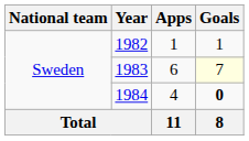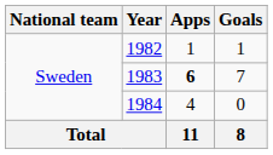 <table class="wikitable" style="text-align:center">
 <tr>
 <th>National team</th>
 <th>Year</th>
 <th>Apps</th>
 <th>Goals</th>
 </tr>
 <tr>
 <td rowspan="3"><a href='#'>Sweden</a></td>
 <td><a href='#'>1982</a></td>
 <td>1</td>
 <td>1</td>
 </tr>
 <tr>
 <td><a href='#'>1983</a></td>
-<td>6</td>
-<td style="background: lightyellow;">7</td>
+<td><strong>6</strong></td>
+<td>7</td>
 </tr>
 <tr>
 <td><a href='#'>1984</a></td>
 <td>4</td>
-<td><strong>0</strong></td>
+<td>0</td>
 </tr>
 <tr>
 <th colspan="2">Total</th>
 <th>11</th>
 <th>8</th>
 </tr>
 </table>
